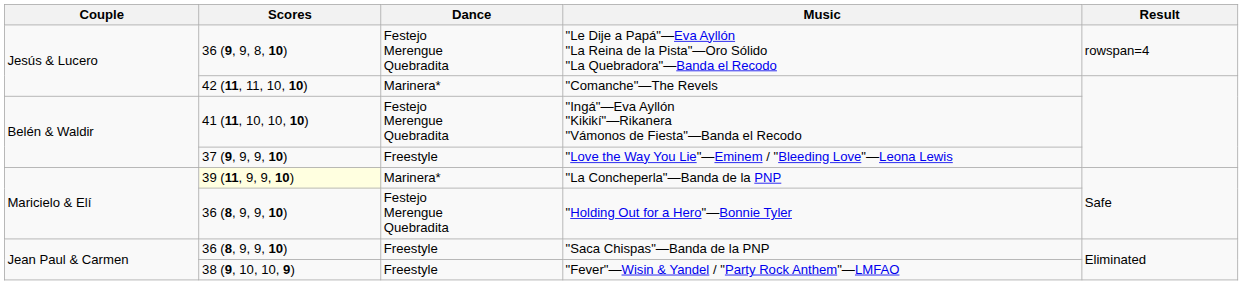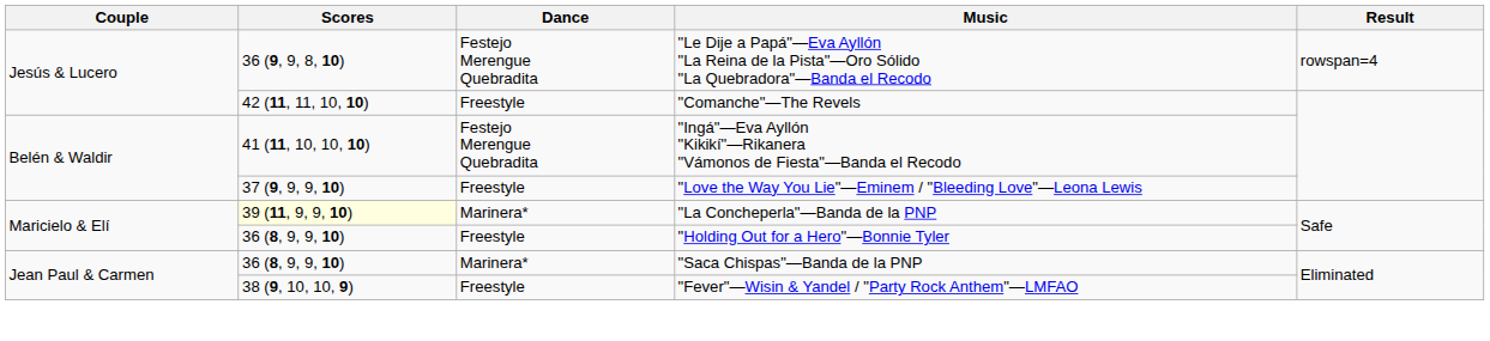 <table class="wikitable sortable" style="width:95%; white-space:nowrap;">
 <tr>
 <th style="width:15%;">Couple</th>
 <th style="width:14%;">Scores</th>
 <th style="width:14%;">Dance</th>
 <th style="width:40%;">Music</th>
 <th style="width:12%;">Result</th>
 </tr>
 <tr>
 <td rowspan=2>Jesús & Lucero</td>
 <td>36 (<strong>9</strong>, 9, 8, <strong>10</strong>)</td>
 <td>Festejo<br>Merengue<br>Quebradita</td>
 <td>"Le Dije a Papá"—<a href='#'>Eva Ayllón</a> <br> "La Reina de la Pista"—Oro Sólido <br> "La Quebradora"—<a href='#'>Banda el Recodo</a></td>
 <td>rowspan=4 </td>
 </tr>
 <tr>
 <td>42 (<strong>11</strong>, 11, 10, <strong>10</strong>)</td>
-<td>Marinera*</td>
+<td>Freestyle</td>
 <td>"Comanche"—The Revels</td>
 </tr>
 <tr>
 <td rowspan=2>Belén & Waldir</td>
 <td>41 (<strong>11</strong>, 10, 10, <strong>10</strong>)</td>
 <td>Festejo<br>Merengue<br>Quebradita</td>
 <td>"Ingá"—Eva Ayllón <br> "Kikikí"—Rikanera <br> "Vámonos de Fiesta"—Banda el Recodo</td>
 </tr>
 <tr>
 <td>37 (<strong>9</strong>, 9, 9, <strong>10</strong>)</td>
 <td>Freestyle</td>
 <td>"<a href='#'>Love the Way You Lie</a>"—<a href='#'>Eminem</a> / "<a href='#'>Bleeding Love</a>"—<a href='#'>Leona Lewis</a></td>
 </tr>
 <tr>
 <td rowspan=2>Maricielo & Elí</td>
 <td style="background: lightyellow;">39 (<strong>11</strong>, 9, 9, <strong>10</strong>)</td>
 <td>Marinera*</td>
 <td>"La Concheperla"—Banda de la <a href='#'>PNP</a></td>
 <td rowspan=2>Safe</td>
 </tr>
 <tr>
 <td>36 (<strong>8</strong>, 9, 9, <strong>10</strong>)</td>
-<td>Festejo<br>Merengue<br>Quebradita</td>
+<td>Freestyle</td>
 <td>"<a href='#'>Holding Out for a Hero</a>"—<a href='#'>Bonnie Tyler</a></td>
 </tr>
 <tr>
 <td rowspan=2>Jean Paul & Carmen</td>
 <td>36 (<strong>8</strong>, 9, 9, <strong>10</strong>)</td>
-<td>Freestyle</td>
+<td>Marinera*</td>
 <td>"Saca Chispas"—Banda de la PNP</td>
 <td rowspan=2>Eliminated</td>
 </tr>
 <tr>
 <td>38 (<strong>9</strong>, 10, 10, <strong>9</strong>)</td>
 <td>Freestyle</td>
 <td>"Fever"—<a href='#'>Wisin & Yandel</a> / "<a href='#'>Party Rock Anthem</a>"—<a href='#'>LMFAO</a></td>
 </tr>
 </table>
